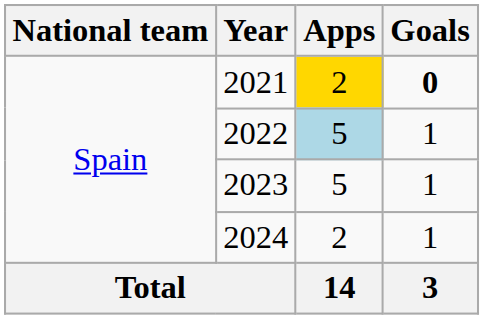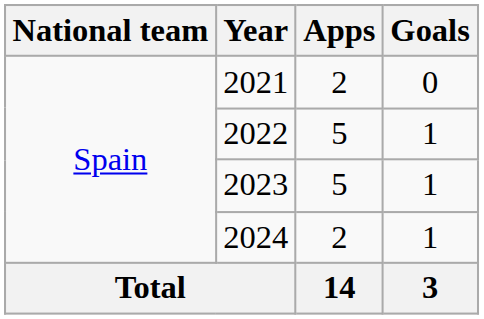 <table class="wikitable" style="text-align:center">
 <tr>
 <th>National team</th>
 <th>Year</th>
 <th>Apps</th>
 <th>Goals</th>
 </tr>
 <tr>
 <td rowspan="4"><a href='#'>Spain</a></td>
 <td>2021</td>
-<td style="background: gold;">2</td>
-<td><strong>0</strong></td>
+<td>2</td>
+<td>0</td>
 </tr>
 <tr>
 <td>2022</td>
-<td style="background: lightblue;">5</td>
+<td>5</td>
 <td>1</td>
 </tr>
 <tr>
 <td>2023</td>
 <td>5</td>
 <td>1</td>
 </tr>
 <tr>
 <td>2024</td>
 <td>2</td>
 <td>1</td>
 </tr>
 <tr>
 <th colspan="2">Total</th>
 <th>14</th>
 <th>3</th>
 </tr>
 </table>
